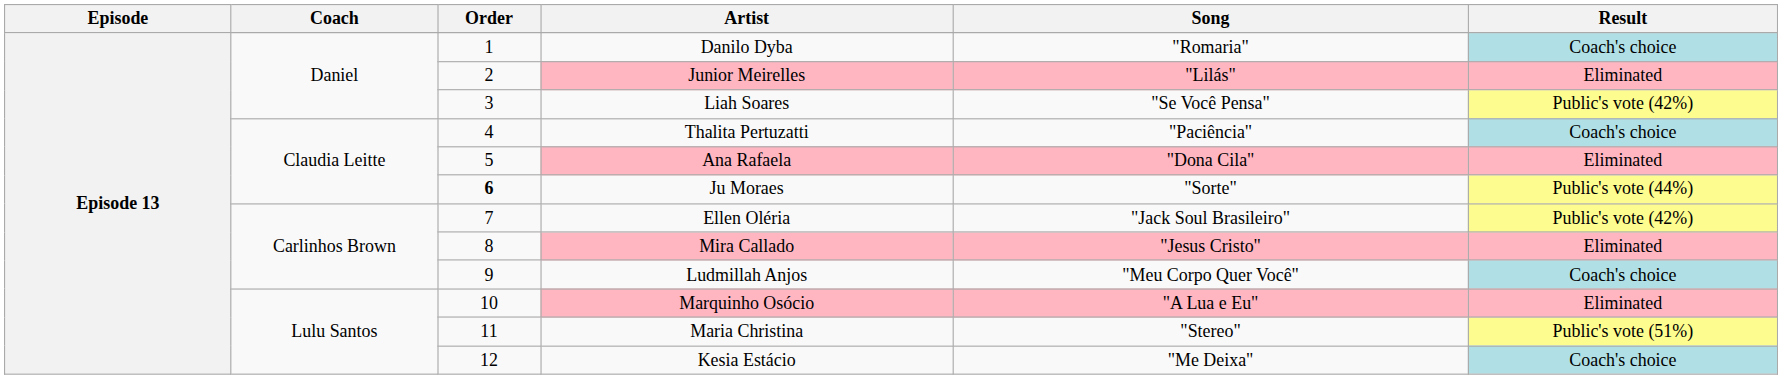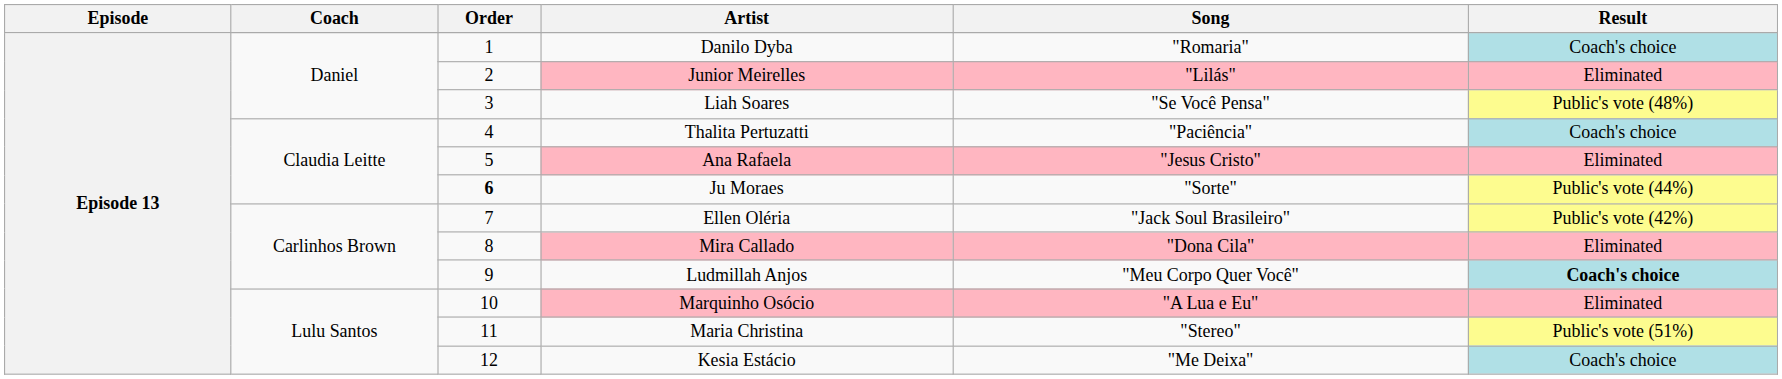 <table class="wikitable" style="text-align:center; width:100%;">
 <tr>
 <th scope="col" width="11%">Episode</th>
 <th scope="col" width="10%">Coach</th>
 <th scope="col" width="05%">Order</th>
 <th scope="col" width="20%">Artist</th>
 <th scope="col" width="25%">Song</th>
 <th scope="col" width="15%">Result</th>
 </tr>
 <tr>
 <th scope="col" rowspan="13">Episode 13<br></th>
 </tr>
 <tr>
 <td rowspan=3>Daniel</td>
 <td>1</td>
 <td>Danilo Dyba</td>
 <td>"Romaria"</td>
 <td bgcolor="B0E0E6">Coach's choice</td>
 </tr>
 <tr>
 <td>2</td>
 <td bgcolor="FFB6C1">Junior Meirelles</td>
 <td bgcolor="FFB6C1">"Lilás"</td>
 <td bgcolor="FFB6C1">Eliminated</td>
 </tr>
 <tr>
 <td>3</td>
 <td>Liah Soares</td>
 <td>"Se Você Pensa"</td>
-<td bgcolor="FDFC8F">Public's vote (42%)</td>
+<td bgcolor="FDFC8F">Public's vote (48%)</td>
 </tr>
 <tr>
 <td rowspan=3>Claudia Leitte</td>
 <td>4</td>
 <td>Thalita Pertuzatti</td>
 <td>"Paciência"</td>
 <td bgcolor="B0E0E6">Coach's choice</td>
 </tr>
 <tr>
 <td>5</td>
 <td bgcolor="FFB6C1">Ana Rafaela</td>
-<td bgcolor="FFB6C1">"Dona Cila"</td>
+<td bgcolor="FFB6C1">"Jesus Cristo"</td>
 <td bgcolor="FFB6C1">Eliminated</td>
 </tr>
 <tr>
 <td><strong>6</strong></td>
 <td>Ju Moraes</td>
 <td>"Sorte"</td>
 <td bgcolor="FDFC8F">Public's vote (44%)</td>
 </tr>
 <tr>
 <td rowspan=3>Carlinhos Brown</td>
 <td>7</td>
 <td>Ellen Oléria</td>
 <td>"Jack Soul Brasileiro"</td>
 <td bgcolor="FDFC8F">Public's vote (42%)</td>
 </tr>
 <tr>
 <td>8</td>
 <td bgcolor="FFB6C1">Mira Callado</td>
-<td bgcolor="FFB6C1">"Jesus Cristo"</td>
+<td bgcolor="FFB6C1">"Dona Cila"</td>
 <td bgcolor="FFB6C1">Eliminated</td>
 </tr>
 <tr>
 <td>9</td>
 <td>Ludmillah Anjos</td>
 <td>"Meu Corpo Quer Você"</td>
-<td bgcolor="B0E0E6">Coach's choice</td>
+<td bgcolor="B0E0E6"><strong>Coach's choice</strong></td>
 </tr>
 <tr>
 <td rowspan=3>Lulu Santos</td>
 <td>10</td>
 <td bgcolor="FFB6C1">Marquinho Osócio</td>
 <td bgcolor="FFB6C1">"A Lua e Eu"</td>
 <td bgcolor="FFB6C1">Eliminated</td>
 </tr>
 <tr>
 <td>11</td>
 <td>Maria Christina</td>
 <td>"Stereo"</td>
 <td bgcolor="FDFC8F">Public's vote (51%)</td>
 </tr>
 <tr>
 <td>12</td>
 <td>Kesia Estácio</td>
 <td>"Me Deixa"</td>
 <td bgcolor="B0E0E6">Coach's choice</td>
 </tr>
 </table>
